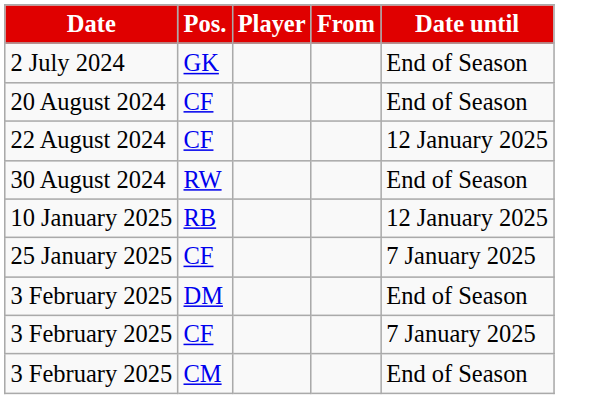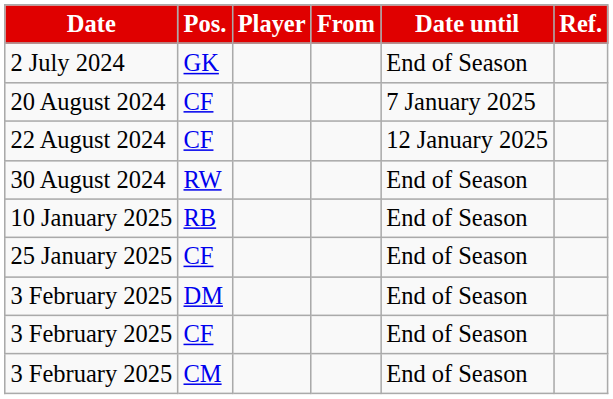 <table class="wikitable plainrowheaders sortable">
 <tr>
 <th style="background:#E00000;color:white;">Date</th>
 <th style="background:#E00000;color:white;">Pos.</th>
 <th style="background:#E00000;color:white;">Player</th>
 <th style="background:#E00000;color:white;">From</th>
 <th style="background:#E00000;color:white;">Date until</th>
+<th style="background:#E00000;color:white;">Ref.</th>
 </tr>
 <tr>
 <td>2 July 2024</td>
 <td><a href='#'>GK</a></td>
 <td></td>
 <td></td>
 <td>End of Season</td>
+<td></td>
 </tr>
 <tr>
 <td>20 August 2024</td>
 <td><a href='#'>CF</a></td>
 <td></td>
 <td></td>
-<td>End of Season</td>
+<td>7 January 2025</td>
+<td></td>
 </tr>
 <tr>
 <td>22 August 2024</td>
 <td><a href='#'>CF</a></td>
 <td></td>
 <td></td>
 <td>12 January 2025</td>
+<td></td>
 </tr>
 <tr>
 <td>30 August 2024</td>
 <td><a href='#'>RW</a></td>
 <td></td>
 <td></td>
 <td>End of Season</td>
+<td></td>
 </tr>
 <tr>
 <td>10 January 2025</td>
 <td><a href='#'>RB</a></td>
 <td></td>
 <td></td>
-<td>12 January 2025</td>
+<td>End of Season</td>
+<td></td>
 </tr>
 <tr>
 <td>25 January 2025</td>
 <td><a href='#'>CF</a></td>
 <td></td>
 <td></td>
-<td>7 January 2025</td>
+<td>End of Season</td>
+<td></td>
 </tr>
 <tr>
 <td>3 February 2025</td>
 <td><a href='#'>DM</a></td>
 <td></td>
 <td></td>
 <td>End of Season</td>
+<td></td>
 </tr>
 <tr>
 <td>3 February 2025</td>
 <td><a href='#'>CF</a></td>
 <td></td>
 <td></td>
-<td>7 January 2025</td>
+<td>End of Season</td>
+<td></td>
 </tr>
 <tr>
 <td>3 February 2025</td>
 <td><a href='#'>CM</a></td>
 <td></td>
 <td></td>
 <td>End of Season</td>
+<td></td>
 </tr>
 </table>
